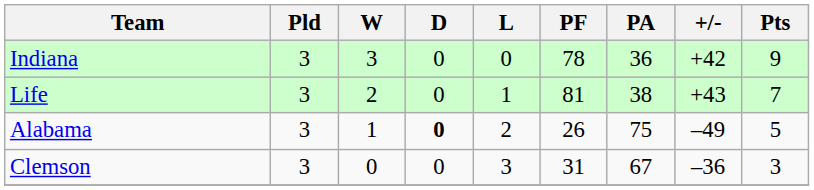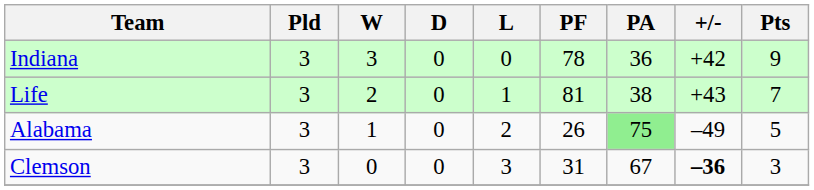 <table class="wikitable" style="text-align: center;">
 <tr>
 <th width="180">Team</th>
 <th width="40">Pld</th>
 <th width="40">W</th>
 <th width="40">D</th>
 <th width="40">L</th>
 <th width="40">PF</th>
 <th width="40">PA</th>
 <th width="40">+/-</th>
 <th width="40">Pts</th>
 </tr>
 <tr bgcolor=ccffcc>
 <td align=left><a href='#'>Indiana</a></td>
 <td>3</td>
 <td>3</td>
 <td>0</td>
 <td>0</td>
 <td>78</td>
 <td>36</td>
 <td>+42</td>
 <td>9</td>
 </tr>
 <tr bgcolor=ccffcc>
 <td align=left><a href='#'>Life</a></td>
 <td>3</td>
 <td>2</td>
 <td>0</td>
 <td>1</td>
 <td>81</td>
 <td>38</td>
 <td>+43</td>
 <td>7</td>
 </tr>
 <tr>
 <td align=left><a href='#'>Alabama</a></td>
 <td>3</td>
 <td>1</td>
-<td><strong>0</strong></td>
+<td>0</td>
 <td>2</td>
 <td>26</td>
-<td>75</td>
+<td style="background: lightgreen;">75</td>
 <td>–49</td>
 <td>5</td>
 </tr>
 <tr>
 <td align=left><a href='#'>Clemson</a></td>
 <td>3</td>
 <td>0</td>
 <td>0</td>
 <td>3</td>
 <td>31</td>
 <td>67</td>
-<td>–36</td>
+<td><strong>–36</strong></td>
 <td>3</td>
 </tr>
 <tr>
 </tr>
 </table>
